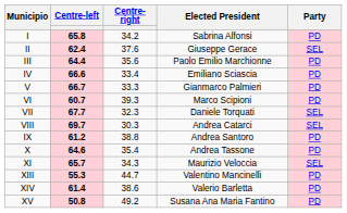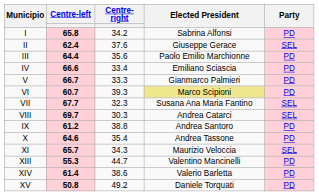 <table class="wikitable" style="text-align:center; font-size:85%; line-height:13px">
 <tr style="height:30px; background-color:#E9E9E9">
 <th style="width:50px;" rowspan="2">Municipio</th>
 <th style="width:75px;"><a href='#'>Centre-left</a></th>
 <th style="width:75px;"><a href='#'>Centre-right</a></th>
 <th style="width:195px;" rowspan="2">Elected President</th>
 <th style="width:75px;" rowspan="2">Party</th>
 </tr>
 <tr>
 <th style="background:"></th>
 <th style="background:"></th>
 </tr>
 <tr>
 <td>I</td>
 <td style="background:#FFD0D7"><strong>65.8</strong></td>
 <td>34.2</td>
 <td>Sabrina Alfonsi</td>
 <td style="background:#FFD0D7"><a href='#'>PD</a></td>
 </tr>
 <tr>
 <td>II</td>
 <td style="background:#FFD0D7"><strong>62.4</strong></td>
 <td>37.6</td>
 <td>Giuseppe Gerace</td>
 <td style="background:#FFD0D7"><a href='#'>SEL</a></td>
 </tr>
 <tr>
 <td>III</td>
 <td style="background:#FFD0D7"><strong>64.4</strong></td>
 <td>35.6</td>
 <td>Paolo Emilio Marchionne</td>
 <td style="background:#FFD0D7"><a href='#'>PD</a></td>
 </tr>
 <tr>
 <td>IV</td>
 <td style="background:#FFD0D7"><strong>66.6</strong></td>
 <td>33.4</td>
 <td>Emiliano Sciascia</td>
 <td style="background:#FFD0D7"><a href='#'>PD</a></td>
 </tr>
 <tr>
 <td>V</td>
 <td style="background:#FFD0D7"><strong>66.7</strong></td>
 <td>33.3</td>
 <td>Gianmarco Palmieri</td>
 <td style="background:#FFD0D7"><a href='#'>PD</a></td>
 </tr>
 <tr>
 <td>VI</td>
 <td style="background:#FFD0D7"><strong>60.7</strong></td>
 <td>39.3</td>
-<td>Marco Scipioni</td>
+<td style="background: khaki;">Marco Scipioni</td>
 <td style="background:#FFD0D7"><a href='#'>PD</a></td>
 </tr>
 <tr>
 <td>VII</td>
 <td style="background:#FFD0D7"><strong>67.7</strong></td>
 <td>32.3</td>
-<td>Daniele Torquati</td>
+<td>Susana Ana Maria Fantino</td>
 <td style="background:#FFD0D7"><a href='#'>SEL</a></td>
 </tr>
 <tr>
 <td>VIII</td>
 <td style="background:#FFD0D7"><strong>69.7</strong></td>
 <td>30.3</td>
 <td>Andrea Catarci</td>
 <td style="background:#FFD0D7"><a href='#'>SEL</a></td>
 </tr>
 <tr>
 <td>IX</td>
 <td style="background:#FFD0D7"><strong>61.2</strong></td>
 <td>38.8</td>
 <td>Andrea Santoro</td>
 <td style="background:#FFD0D7"><a href='#'>PD</a></td>
 </tr>
 <tr>
 <td>X</td>
 <td style="background:#FFD0D7"><strong>64.6</strong></td>
 <td>35.4</td>
 <td>Andrea Tassone</td>
 <td style="background:#FFD0D7"><a href='#'>PD</a></td>
 </tr>
 <tr>
 <td>XI</td>
 <td style="background:#FFD0D7"><strong>65.7</strong></td>
 <td>34.3</td>
 <td>Maurizio Veloccia</td>
 <td style="background:#FFD0D7"><a href='#'>SEL</a></td>
 </tr>
 <tr>
 <td>XIII</td>
 <td style="background:#FFD0D7"><strong>55.3</strong></td>
 <td>44.7</td>
 <td>Valentino Mancinelli</td>
 <td style="background:#FFD0D7"><a href='#'>PD</a></td>
 </tr>
 <tr>
 <td>XIV</td>
 <td style="background:#FFD0D7"><strong>61.4</strong></td>
 <td>38.6</td>
 <td>Valerio Barletta</td>
 <td style="background:#FFD0D7"><a href='#'>PD</a></td>
 </tr>
 <tr>
 <td>XV</td>
 <td style="background:#FFD0D7"><strong>50.8</strong></td>
 <td>49.2</td>
-<td>Susana Ana Maria Fantino</td>
+<td>Daniele Torquati</td>
 <td style="background:#FFD0D7"><a href='#'>PD</a></td>
 </tr>
 </table>
